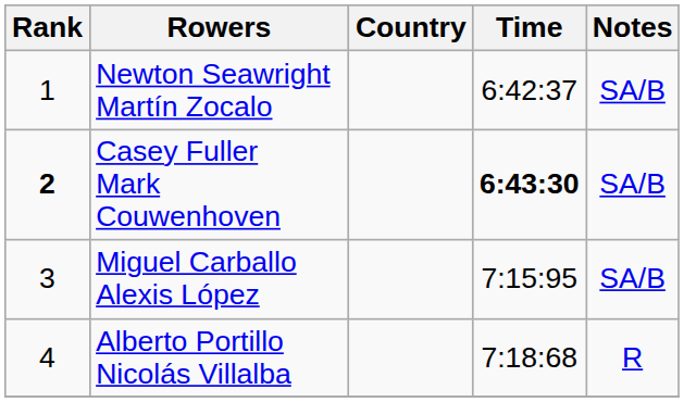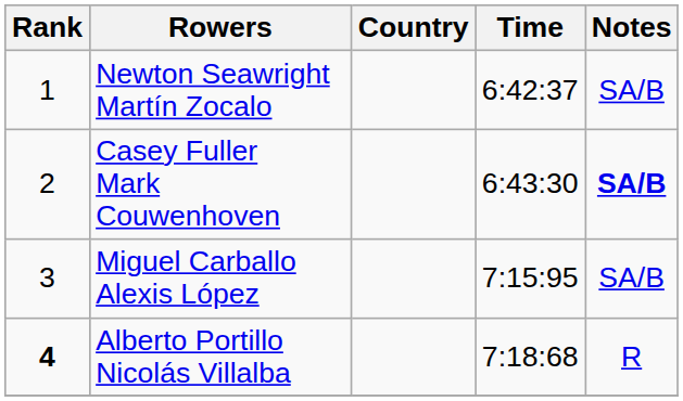 <table class="wikitable" width=60% style="text-align:center">
 <tr>
 <th>Rank</th>
 <th>Rowers</th>
 <th>Country</th>
 <th>Time</th>
 <th>Notes</th>
 </tr>
 <tr>
 <td>1</td>
 <td align=left><a href='#'>Newton Seawright</a><br><a href='#'>Martín Zocalo</a></td>
 <td align=left></td>
 <td>6:42:37</td>
 <td><a href='#'>SA/B</a></td>
 </tr>
 <tr>
-<td><strong>2</strong></td>
+<td>2</td>
 <td align=left><a href='#'>Casey Fuller</a><br><a href='#'>Mark Couwenhoven</a></td>
 <td align=left></td>
-<td><strong>6:43:30</strong></td>
-<td><a href='#'>SA/B</a></td>
+<td>6:43:30</td>
+<td><strong><a href='#'>SA/B</a></strong></td>
 </tr>
 <tr>
 <td>3</td>
 <td align=left><a href='#'>Miguel Carballo</a><br><a href='#'>Alexis López</a></td>
 <td align=left></td>
 <td>7:15:95</td>
 <td><a href='#'>SA/B</a></td>
 </tr>
 <tr>
-<td>4</td>
+<td><strong>4</strong></td>
 <td align=left><a href='#'>Alberto Portillo</a><br><a href='#'>Nicolás Villalba</a></td>
 <td align=left></td>
 <td>7:18:68</td>
 <td><a href='#'>R</a></td>
 </tr>
 <tr>
 </tr>
 </table>
